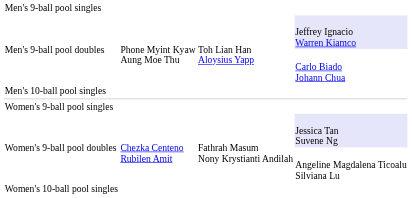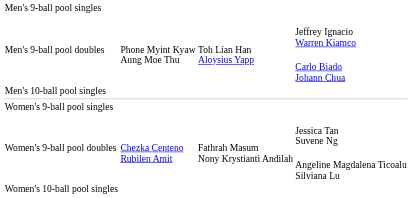 <table>
 <tr>
 <td rowspan=2>Men's 9-ball pool singles</td>
 <td rowspan=2></td>
 <td rowspan=2></td>
 <td></td>
 </tr>
 <tr>
 <td></td>
 </tr>
 <tr>
 <td rowspan=2>Men's 9-ball pool doubles</td>
 <td rowspan=2 nowrap><br>Phone Myint Kyaw<br>Aung Moe Thu</td>
 <td rowspan=2 nowrap><br>Toh Lian Han<br><a href='#'>Aloysius Yapp</a></td>
-<td nowrap style="background: lavender;"><br>Jeffrey Ignacio<br><a href='#'>Warren Kiamco</a></td>
+<td nowrap><br>Jeffrey Ignacio<br><a href='#'>Warren Kiamco</a></td>
 </tr>
 <tr>
 <td><br><a href='#'>Carlo Biado</a><br><a href='#'>Johann Chua</a></td>
 </tr>
 <tr>
 <td rowspan=2>Men's 10-ball pool singles</td>
 <td rowspan=2></td>
 <td rowspan=2></td>
 <td></td>
 </tr>
 <tr>
 <td nowrap></td>
 </tr>
 <tr bgcolor=#dddddd>
 <td colspan=4></td>
 </tr>
 <tr>
 <td rowspan=2>Women's 9-ball pool singles</td>
 <td rowspan=2></td>
 <td rowspan=2></td>
 <td></td>
 </tr>
 <tr>
 <td></td>
 </tr>
 <tr>
 <td rowspan=2>Women's 9-ball pool doubles</td>
 <td rowspan=2 nowrap><br><a href='#'>Chezka Centeno</a><br><a href='#'>Rubilen Amit</a></td>
 <td rowspan=2 nowrap><br>Fathrah Masum<br>Nony Krystianti Andilah</td>
-<td style="background: lavender;"><br>Jessica Tan<br>Suvene Ng</td>
+<td><br>Jessica Tan<br>Suvene Ng</td>
 </tr>
 <tr>
 <td nowrap><br>Angeline Magdalena Ticoalu<br>Silviana Lu</td>
 </tr>
 <tr>
 <td rowspan=2>Women's 10-ball pool singles</td>
 <td rowspan=2></td>
 <td rowspan=2></td>
 <td></td>
 </tr>
 <tr>
 <td></td>
 </tr>
 </table>
